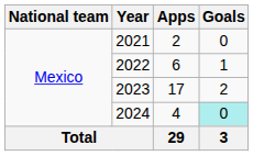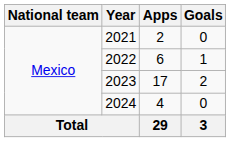 <table class="wikitable" style="text-align: center;">
 <tr>
 <th>National team</th>
 <th>Year</th>
 <th>Apps</th>
 <th>Goals</th>
 </tr>
 <tr>
 <td rowspan="4" valign="center"><a href='#'>Mexico</a></td>
 <td>2021</td>
 <td>2</td>
 <td>0</td>
 </tr>
 <tr>
 <td>2022</td>
 <td>6</td>
 <td>1</td>
 </tr>
 <tr>
 <td>2023</td>
 <td>17</td>
 <td>2</td>
 </tr>
 <tr>
 <td>2024</td>
 <td>4</td>
-<td style="background: paleturquoise;">0</td>
+<td>0</td>
 </tr>
 <tr>
 <th colspan="2">Total</th>
 <th>29</th>
 <th>3</th>
 </tr>
 </table>
